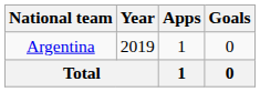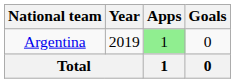 <table class="wikitable" style="text-align:center">
 <tr>
 <th>National team</th>
 <th>Year</th>
 <th>Apps</th>
 <th>Goals</th>
 </tr>
 <tr>
 <td rowspan="1"><a href='#'>Argentina</a></td>
 <td>2019</td>
-<td>1</td>
+<td style="background: lightgreen;">1</td>
 <td>0</td>
 </tr>
 <tr>
 <th colspan=2>Total</th>
 <th>1</th>
 <th>0</th>
 </tr>
 </table>
